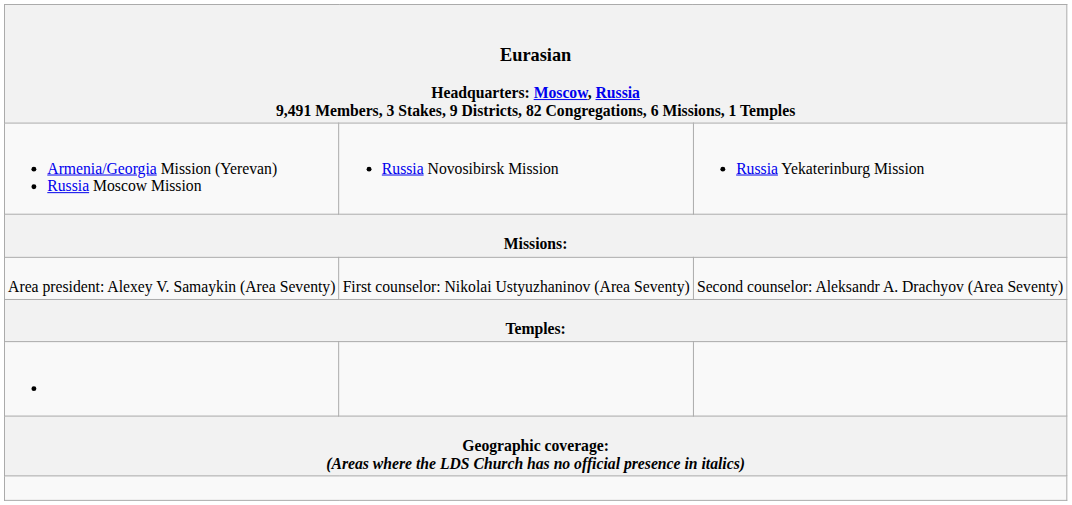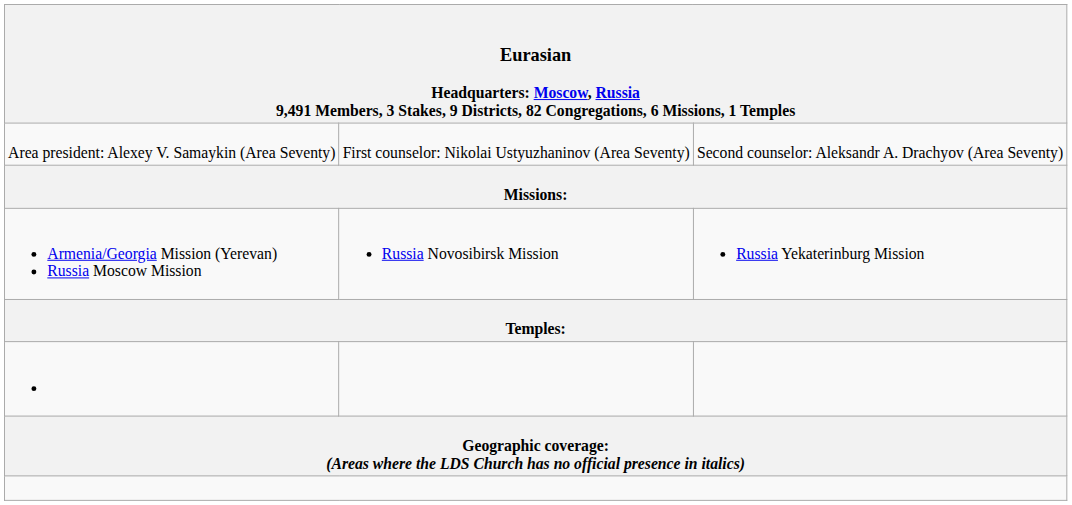 <table class=wikitable>
 <tr>
 <th colspan=3><br><h3>Eurasian</h3>Headquarters: <a href='#'>Moscow</a>, <a href='#'>Russia</a><br>9,491 Members, 3 Stakes, 9 Districts, 82 Congregations, 6 Missions, 1 Temples</th>
 </tr>
 <tr>
-<td style="vertical-align:top"><br><ul><li><a href='#'>Armenia/Georgia</a> Mission (Yerevan)</li><li><a href='#'>Russia</a> Moscow Mission</li></ul></td>
-<td style="vertical-align:top"><br><ul><li><a href='#'>Russia</a> Novosibirsk Mission</li></ul></td>
-<td style="vertical-align:top"><br><ul><li><a href='#'>Russia</a> Yekaterinburg Mission</li></ul></td>
+<td style="vertical-align:top"><br>Area president: Alexey V. Samaykin (Area Seventy)</td>
+<td style="vertical-align:top"><br>First counselor: Nikolai Ustyuzhaninov (Area Seventy)</td>
+<td style="vertical-align:top"><br>Second counselor: Aleksandr A. Drachyov (Area Seventy)</td>
 </tr>
 <tr>
 <th colspan=3><br>Missions:</th>
 </tr>
 <tr>
-<td style="vertical-align:top"><br>Area president: Alexey V. Samaykin (Area Seventy)</td>
-<td style="vertical-align:top"><br>First counselor: Nikolai Ustyuzhaninov (Area Seventy)</td>
-<td style="vertical-align:top"><br>Second counselor: Aleksandr A. Drachyov (Area Seventy)</td>
+<td style="vertical-align:top"><br><ul><li><a href='#'>Armenia/Georgia</a> Mission (Yerevan)</li><li><a href='#'>Russia</a> Moscow Mission</li></ul></td>
+<td style="vertical-align:top"><br><ul><li><a href='#'>Russia</a> Novosibirsk Mission</li></ul></td>
+<td style="vertical-align:top"><br><ul><li><a href='#'>Russia</a> Yekaterinburg Mission</li></ul></td>
 </tr>
 <tr>
 <th colspan=3><br>Temples:</th>
 </tr>
 <tr>
 <td style="vertical-align:top"><br><ul><li></li></ul></td>
 <td style="vertical-align:top"></td>
 <td style="vertical-align:top"></td>
 </tr>
 <tr>
 <th colspan=3><br>Geographic coverage:<br><em>(Areas where the LDS Church has no official presence in italics)</em></th>
 </tr>
 <tr>
 <td style="vertical-align:top" colspan=3><br></td>
 </tr>
 </table>
